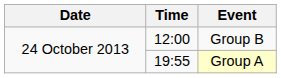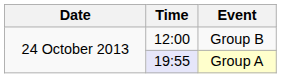 <table class = "wikitable" style="text-align:center;">
 <tr>
 <th width=150>Date</th>
 <th width=50>Time</th>
 <th width=80>Event</th>
 </tr>
 <tr>
 <td rowspan=2>24 October 2013</td>
 <td>12:00</td>
 <td>Group B</td>
 </tr>
 <tr>
-<td>19:55</td>
+<td style="background: lavender;">19:55</td>
 <td bgcolor=ffffcc>Group A</td>
 </tr>
 </table>
